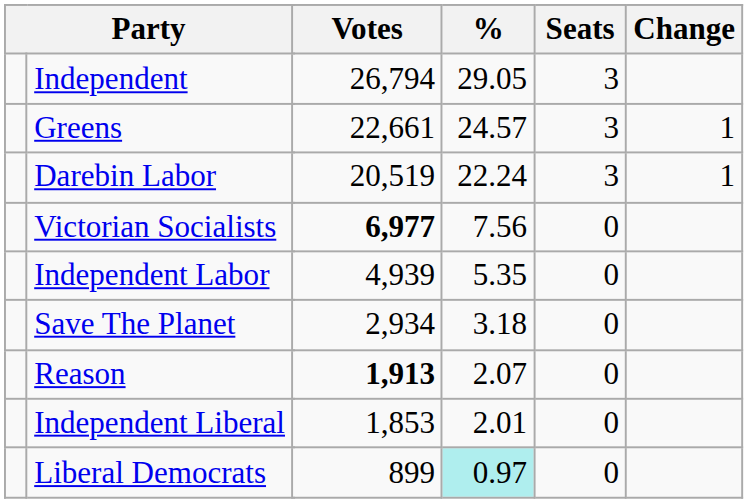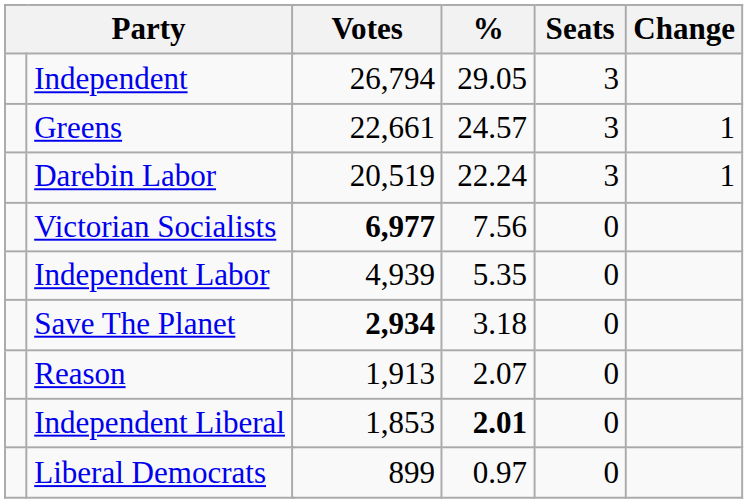 <table class="wikitable" style="text-align:right; margin-bottom:0">
 <tr>
 <th style="width:10px" colspan=3>Party</th>
 <th style="width:70px;">Votes</th>
 <th style="width:40px;">%</th>
 <th style="width:40px;">Seats</th>
 <th style="width:40px;">Change</th>
 </tr>
 <tr>
 <td> </td>
 <td style="text-align:left;" colspan="2"><a href='#'>Independent</a></td>
 <td>26,794</td>
 <td>29.05</td>
 <td>3</td>
 <td></td>
 </tr>
 <tr>
 <td> </td>
 <td style="text-align:left;" colspan="2"><a href='#'>Greens</a></td>
 <td>22,661</td>
 <td>24.57</td>
 <td>3</td>
 <td> 1</td>
 </tr>
 <tr>
 <td> </td>
 <td style="text-align:left;" colspan="2"><a href='#'>Darebin Labor</a></td>
 <td>20,519</td>
 <td>22.24</td>
 <td>3</td>
 <td> 1</td>
 </tr>
 <tr>
 <td> </td>
 <td style="text-align:left;" colspan="2"><a href='#'>Victorian Socialists</a></td>
 <td><strong>6,977</strong></td>
 <td>7.56</td>
 <td>0</td>
 <td></td>
 </tr>
 <tr>
 <td> </td>
 <td style="text-align:left;" colspan="2"><a href='#'>Independent Labor</a></td>
 <td>4,939</td>
 <td>5.35</td>
 <td>0</td>
 <td></td>
 </tr>
 <tr>
 <td> </td>
 <td style="text-align:left;" colspan="2"><a href='#'>Save The Planet</a></td>
-<td>2,934</td>
+<td><strong>2,934</strong></td>
 <td>3.18</td>
 <td>0</td>
 <td></td>
 </tr>
 <tr>
 <td> </td>
 <td style="text-align:left;" colspan="2"><a href='#'>Reason</a></td>
-<td><strong>1,913</strong></td>
+<td>1,913</td>
 <td>2.07</td>
 <td>0</td>
 <td></td>
 </tr>
 <tr>
 <td> </td>
 <td style="text-align:left;" colspan="2"><a href='#'>Independent Liberal</a></td>
 <td>1,853</td>
-<td>2.01</td>
+<td><strong>2.01</strong></td>
 <td>0</td>
 <td></td>
 </tr>
 <tr>
 <td> </td>
 <td style="text-align:left;" colspan="2"><a href='#'>Liberal Democrats</a></td>
 <td>899</td>
-<td style="background: paleturquoise;">0.97</td>
+<td>0.97</td>
 <td>0</td>
 <td></td>
 </tr>
 </table>
